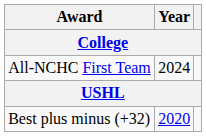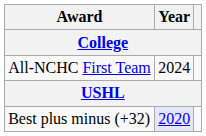 <table class="wikitable">
 <tr>
 <th>Award</th>
 <th>Year</th>
 <th></th>
 </tr>
 <tr ALIGN="center" bgcolor="#e0e0e0">
 </tr>
 <tr ALIGN="center" bgcolor="#e0e0e0">
 <th colspan="3"><a href='#'>College</a></th>
 </tr>
 <tr>
 <td>All-NCHC <a href='#'>First Team</a></td>
 <td>2024</td>
 <td></td>
 </tr>
 <tr ALIGN="center" bgcolor="#e0e0e0">
 <th colspan="3"><a href='#'>USHL</a></th>
 </tr>
 <tr>
 <td>Best plus minus (+32)</td>
-<td><a href='#'>2020</a></td>
+<td style="background: lavender;"><a href='#'>2020</a></td>
 <td></td>
 </tr>
 </table>
